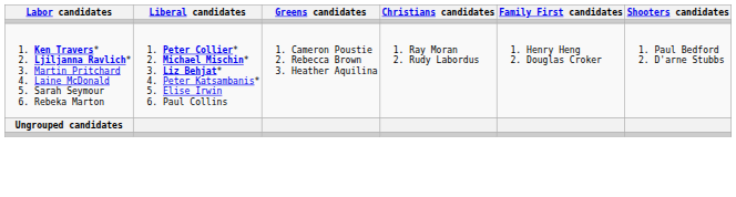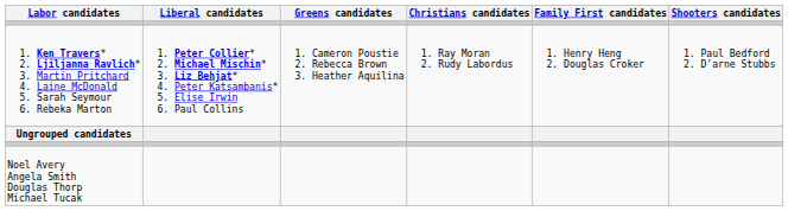 <table class="wikitable">
 <tr>
 <th><a href='#'>Labor</a> candidates</th>
 <th><a href='#'>Liberal</a> candidates</th>
 <th><a href='#'>Greens</a> candidates</th>
 <th><a href='#'>Christians</a> candidates</th>
 <th><a href='#'>Family First</a> candidates</th>
 <th><a href='#'>Shooters</a> candidates</th>
 </tr>
 <tr bgcolor="#cccccc">
 <td></td>
 <td></td>
 <td></td>
 <td></td>
 <td></td>
 <td></td>
 </tr>
 <tr>
 <td><br><ol><li><strong><a href='#'>Ken Travers</a></strong>*</li><li><strong><a href='#'>Ljiljanna Ravlich</a></strong>*</li><li><a href='#'>Martin Pritchard</a></li><li><a href='#'>Laine McDonald</a></li><li>Sarah Seymour</li><li>Rebeka Marton</li></ol></td>
 <td><br><ol><li><strong><a href='#'>Peter Collier</a></strong>*</li><li><strong><a href='#'>Michael Mischin</a></strong>*</li><li><strong><a href='#'>Liz Behjat</a></strong>*</li><li><a href='#'>Peter Katsambanis</a>*</li><li><a href='#'>Elise Irwin</a></li><li>Paul Collins</li></ol></td>
 <td valign=top><br><ol><li>Cameron Poustie</li><li>Rebecca Brown</li><li>Heather Aquilina</li></ol></td>
 <td valign=top><br><ol><li>Ray Moran</li><li>Rudy Labordus</li></ol></td>
 <td valign=top><br><ol><li>Henry Heng</li><li>Douglas Croker</li></ol></td>
 <td valign=top><br><ol><li>Paul Bedford</li><li>D'arne Stubbs</li></ol></td>
 </tr>
 <tr bgcolor="#cccccc">
 <th>Ungrouped candidates</th>
 <th></th>
 <th></th>
 <th></th>
 <th></th>
 <th></th>
 </tr>
 <tr bgcolor="#cccccc">
 <td></td>
 <td></td>
 <td></td>
 <td></td>
 <td></td>
 <td></td>
 </tr>
+<tr>
+<td valign=top><br>Noel Avery <br> Angela Smith <br> Douglas Thorp <br> Michael Tucak</td>
+<td valign=top></td>
+<td valign=top></td>
+<td valign=top></td>
+<td valign=top></td>
+<td valign=top></td>
+</tr>
 </table>
